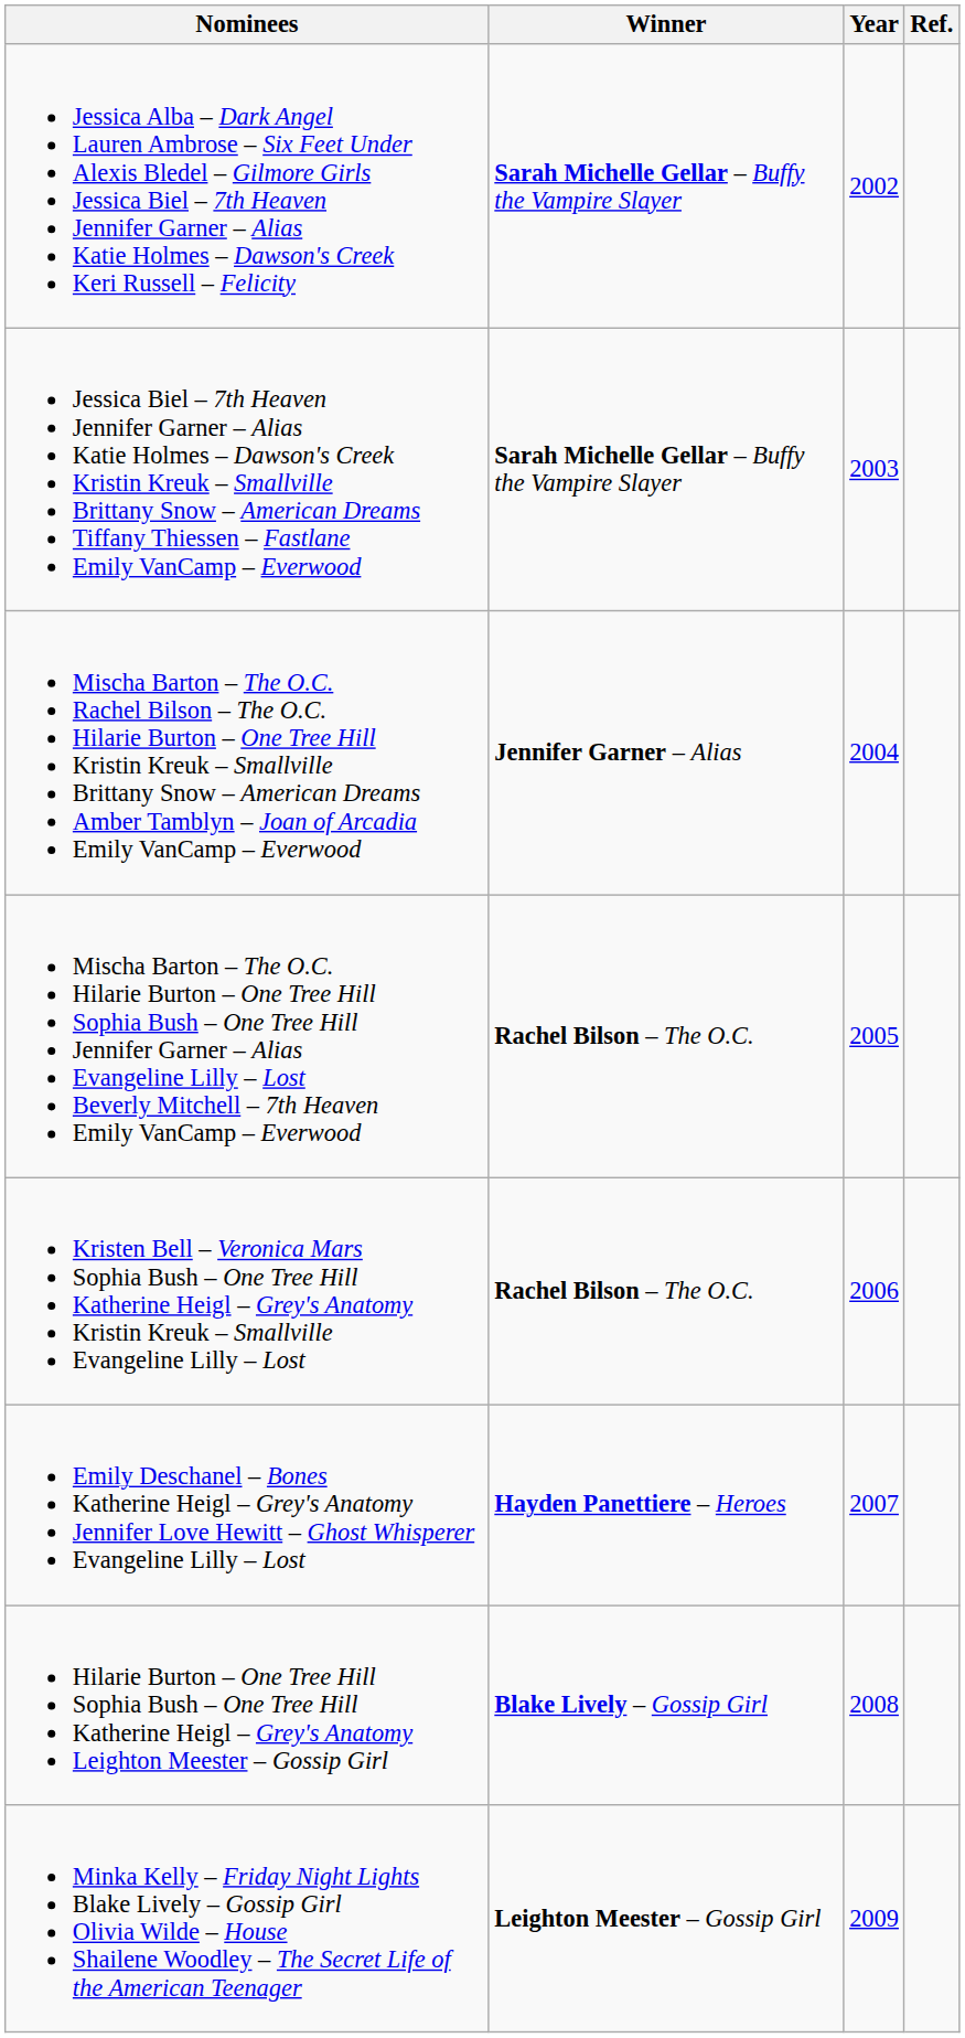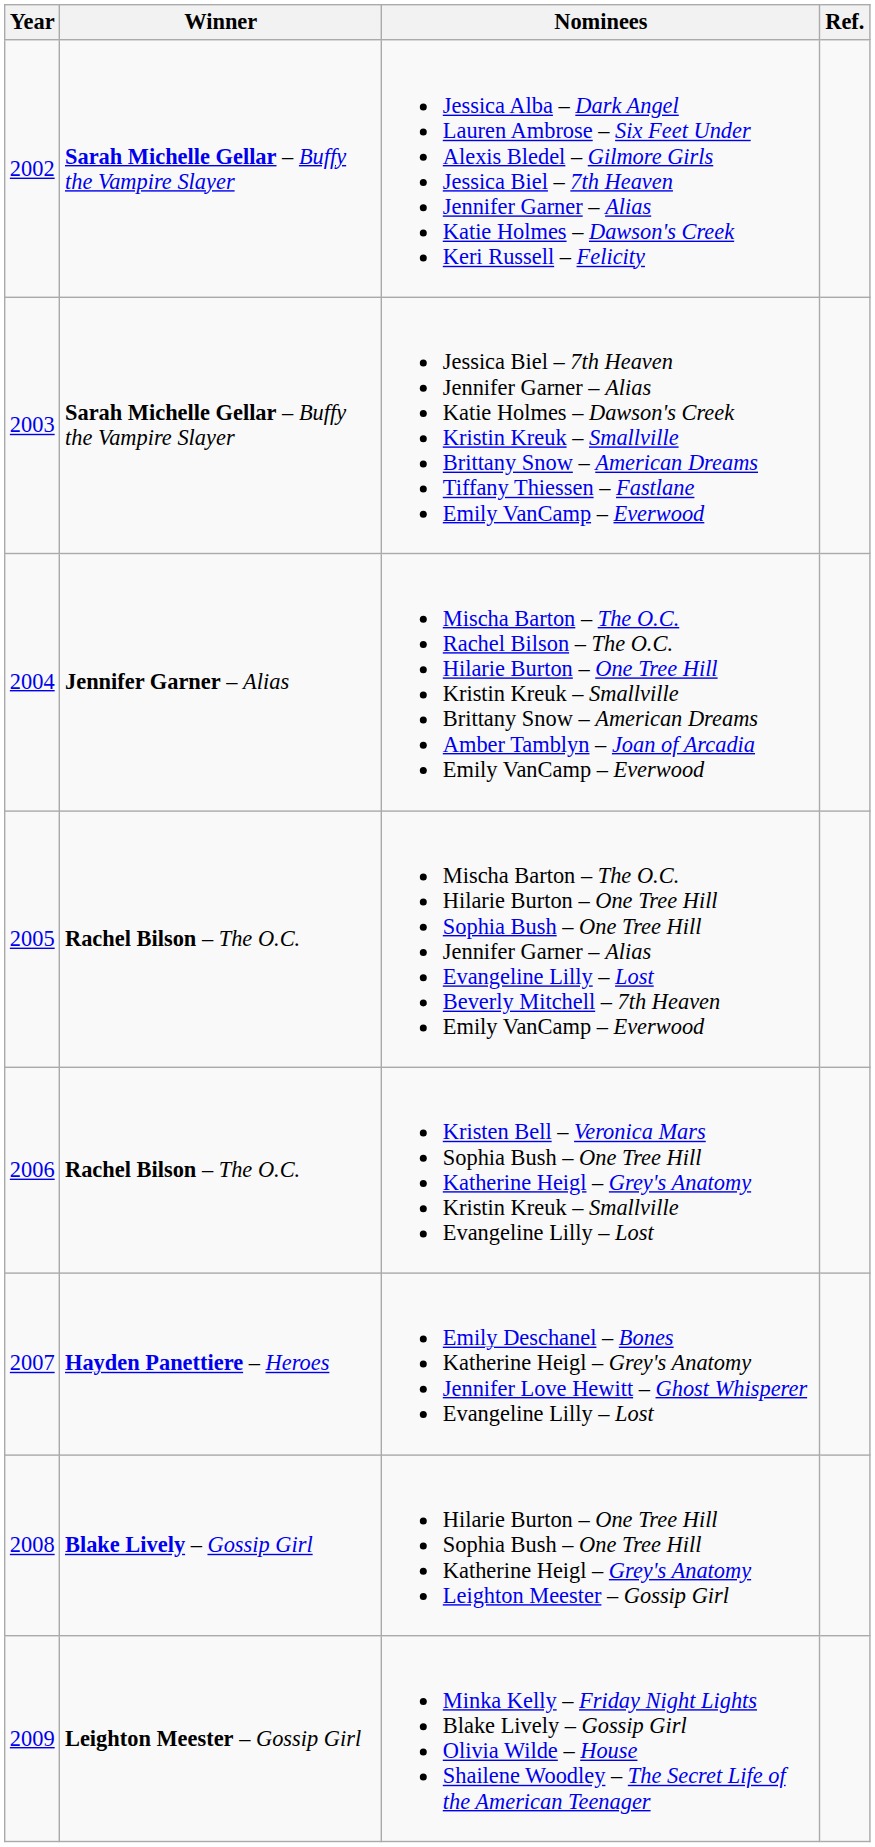 <table class="wikitable" width=70%>
 <tr>
+<th>Year</th>
+<th>Winner</th>
 <th>Nominees</th>
-<th>Winner</th>
-<th>Year</th>
 <th>Ref.</th>
 </tr>
 <tr>
+<td align="center"><a href='#'>2002</a></td>
+<td><strong><a href='#'>Sarah Michelle Gellar</a></strong> – <em><a href='#'>Buffy the Vampire Slayer</a></em></td>
 <td><br><ul><li><a href='#'>Jessica Alba</a> – <em><a href='#'>Dark Angel</a></em></li><li><a href='#'>Lauren Ambrose</a> – <em><a href='#'>Six Feet Under</a></em></li><li><a href='#'>Alexis Bledel</a> – <em><a href='#'>Gilmore Girls</a></em></li><li><a href='#'>Jessica Biel</a> – <em><a href='#'>7th Heaven</a></em></li><li><a href='#'>Jennifer Garner</a> – <em><a href='#'>Alias</a></em></li><li><a href='#'>Katie Holmes</a> – <em><a href='#'>Dawson's Creek</a></em></li><li><a href='#'>Keri Russell</a> – <em><a href='#'>Felicity</a></em></li></ul></td>
-<td><strong><a href='#'>Sarah Michelle Gellar</a></strong> – <em><a href='#'>Buffy the Vampire Slayer</a></em></td>
-<td align="center"><a href='#'>2002</a></td>
 <td align="center"></td>
 </tr>
 <tr>
+<td align="center"><a href='#'>2003</a></td>
+<td><strong>Sarah Michelle Gellar</strong> – <em>Buffy the Vampire Slayer</em></td>
 <td><br><ul><li>Jessica Biel – <em>7th Heaven</em></li><li>Jennifer Garner – <em>Alias</em></li><li>Katie Holmes – <em>Dawson's Creek</em></li><li><a href='#'>Kristin Kreuk</a> – <em><a href='#'>Smallville</a></em></li><li><a href='#'>Brittany Snow</a> – <em><a href='#'>American Dreams</a></em></li><li><a href='#'>Tiffany Thiessen</a> – <em><a href='#'>Fastlane</a></em></li><li><a href='#'>Emily VanCamp</a> – <em><a href='#'>Everwood</a></em></li></ul></td>
-<td><strong>Sarah Michelle Gellar</strong> – <em>Buffy the Vampire Slayer</em></td>
-<td align="center"><a href='#'>2003</a></td>
 <td align="center"></td>
 </tr>
 <tr>
+<td align="center"><a href='#'>2004</a></td>
+<td><strong>Jennifer Garner</strong> – <em>Alias</em></td>
 <td><br><ul><li><a href='#'>Mischa Barton</a> – <em><a href='#'>The O.C.</a></em></li><li><a href='#'>Rachel Bilson</a> – <em>The O.C.</em></li><li><a href='#'>Hilarie Burton</a> – <em><a href='#'>One Tree Hill</a></em></li><li>Kristin Kreuk – <em>Smallville</em></li><li>Brittany Snow – <em>American Dreams</em></li><li><a href='#'>Amber Tamblyn</a> – <em><a href='#'>Joan of Arcadia</a></em></li><li>Emily VanCamp – <em>Everwood</em></li></ul></td>
-<td><strong>Jennifer Garner</strong> – <em>Alias</em></td>
-<td align="center"><a href='#'>2004</a></td>
 <td align="center"></td>
 </tr>
 <tr>
+<td align="center"><a href='#'>2005</a></td>
+<td><strong>Rachel Bilson</strong> – <em>The O.C.</em></td>
 <td><br><ul><li>Mischa Barton – <em>The O.C.</em></li><li>Hilarie Burton – <em>One Tree Hill</em></li><li><a href='#'>Sophia Bush</a> – <em>One Tree Hill</em></li><li>Jennifer Garner – <em>Alias</em></li><li><a href='#'>Evangeline Lilly</a> – <em><a href='#'>Lost</a></em></li><li><a href='#'>Beverly Mitchell</a> – <em>7th Heaven</em></li><li>Emily VanCamp – <em>Everwood</em></li></ul></td>
-<td><strong>Rachel Bilson</strong> – <em>The O.C.</em></td>
-<td align="center"><a href='#'>2005</a></td>
 <td align="center"></td>
 </tr>
 <tr>
+<td align="center"><a href='#'>2006</a></td>
+<td><strong>Rachel Bilson</strong> – <em>The O.C.</em></td>
 <td><br><ul><li><a href='#'>Kristen Bell</a> – <em><a href='#'>Veronica Mars</a></em></li><li>Sophia Bush – <em>One Tree Hill</em></li><li><a href='#'>Katherine Heigl</a> – <em><a href='#'>Grey's Anatomy</a></em></li><li>Kristin Kreuk – <em>Smallville</em></li><li>Evangeline Lilly – <em>Lost</em></li></ul></td>
-<td><strong>Rachel Bilson</strong> – <em>The O.C.</em></td>
-<td align="center"><a href='#'>2006</a></td>
 <td align="center"></td>
 </tr>
 <tr>
+<td align="center"><a href='#'>2007</a></td>
+<td><strong><a href='#'>Hayden Panettiere</a></strong> – <em><a href='#'>Heroes</a></em></td>
 <td><br><ul><li><a href='#'>Emily Deschanel</a> – <em><a href='#'>Bones</a></em></li><li>Katherine Heigl – <em>Grey's Anatomy</em></li><li><a href='#'>Jennifer Love Hewitt</a> – <em><a href='#'>Ghost Whisperer</a></em></li><li>Evangeline Lilly – <em>Lost</em></li></ul></td>
-<td><strong><a href='#'>Hayden Panettiere</a></strong> – <em><a href='#'>Heroes</a></em></td>
-<td align="center"><a href='#'>2007</a></td>
 <td align="center"></td>
 </tr>
 <tr>
+<td align="center"><a href='#'>2008</a></td>
+<td><strong><a href='#'>Blake Lively</a></strong> – <em><a href='#'>Gossip Girl</a></em></td>
 <td><br><ul><li>Hilarie Burton – <em>One Tree Hill</em></li><li>Sophia Bush – <em>One Tree Hill</em></li><li>Katherine Heigl – <em><a href='#'>Grey's Anatomy</a></em></li><li><a href='#'>Leighton Meester</a> – <em>Gossip Girl</em></li></ul></td>
-<td><strong><a href='#'>Blake Lively</a></strong> – <em><a href='#'>Gossip Girl</a></em></td>
-<td align="center"><a href='#'>2008</a></td>
 <td align="center"></td>
 </tr>
 <tr>
+<td align="center"><a href='#'>2009</a></td>
+<td><strong>Leighton Meester</strong> – <em>Gossip Girl</em></td>
 <td><br><ul><li><a href='#'>Minka Kelly</a> – <em><a href='#'>Friday Night Lights</a></em></li><li>Blake Lively – <em>Gossip Girl</em></li><li><a href='#'>Olivia Wilde</a> – <em><a href='#'>House</a></em></li><li><a href='#'>Shailene Woodley</a> – <em><a href='#'>The Secret Life of the American Teenager</a></em></li></ul></td>
-<td><strong>Leighton Meester</strong> – <em>Gossip Girl</em></td>
-<td align="center"><a href='#'>2009</a></td>
 <td align="center"></td>
 </tr>
 </table>
